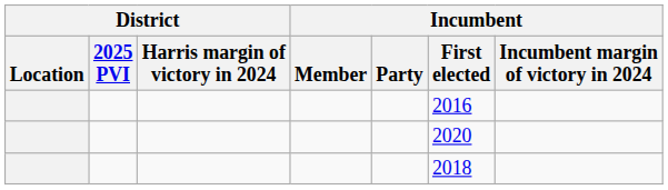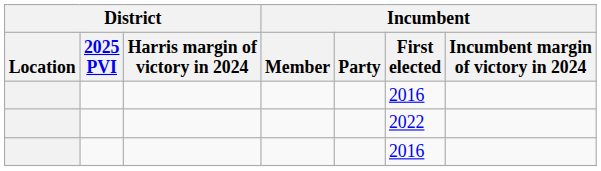 <table class="wikitable sortable">
 <tr>
 <th colspan=3>District</th>
 <th colspan="4">Incumbent</th>
 </tr>
 <tr valign=bottom>
 <th>Location</th>
 <th><a href='#'>2025<br>PVI</a></th>
 <th>Harris margin of<br>victory in 2024</th>
 <th>Member</th>
 <th>Party</th>
 <th>First<br>elected</th>
 <th>Incumbent margin<br>of victory in 2024</th>
 </tr>
 <tr>
 <th></th>
 <td></td>
 <td></td>
 <td></td>
 <td></td>
 <td><a href='#'>2016</a></td>
 <td></td>
 </tr>
 <tr>
 <th></th>
 <td></td>
 <td></td>
 <td></td>
 <td></td>
-<td><a href='#'>2020</a></td>
+<td><a href='#'>2022</a></td>
 <td></td>
 </tr>
 <tr>
 <th></th>
 <td></td>
 <td></td>
 <td></td>
 <td></td>
-<td><a href='#'>2018</a></td>
+<td><a href='#'>2016</a></td>
 <td></td>
 </tr>
 </table>
